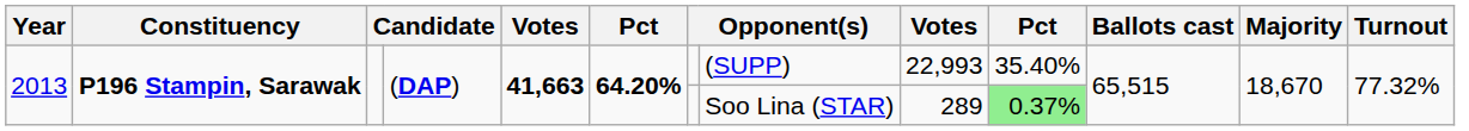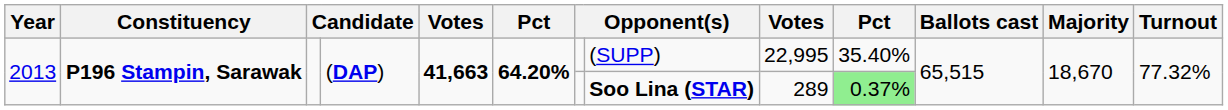 <table class="wikitable" style="margin:0.5em ; font-size:95%">
 <tr>
 <th>Year</th>
 <th>Constituency</th>
 <th colspan=2>Candidate</th>
 <th>Votes</th>
 <th>Pct</th>
 <th colspan=2>Opponent(s)</th>
 <th>Votes</th>
 <th>Pct</th>
 <th>Ballots cast</th>
 <th>Majority</th>
 <th>Turnout</th>
 </tr>
 <tr>
 <td rowspan=2><a href='#'>2013</a></td>
 <td rowspan=2><strong>P196 <a href='#'>Stampin</a>, Sarawak</strong></td>
 <td rowspan=2 ></td>
 <td rowspan=2> (<a href='#'><strong>DAP</strong></a>)</td>
 <td rowspan=2 align="right"><strong>41,663</strong></td>
 <td rowspan=2><strong>64.20%</strong></td>
 <td></td>
 <td> (<a href='#'>SUPP</a>)</td>
-<td align="right">22,993</td>
+<td align="right">22,995</td>
 <td>35.40%</td>
 <td rowspan=2>65,515</td>
 <td rowspan=2>18,670</td>
 <td rowspan=2>77.32%</td>
 </tr>
 <tr>
 <td></td>
-<td>Soo Lina (<a href='#'>STAR</a>)</td>
+<td><strong>Soo Lina (<a href='#'>STAR</a>)</strong></td>
 <td align="right">289</td>
 <td align="right" style="background: lightgreen;">0.37%</td>
 </tr>
 </table>
